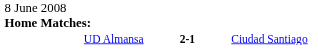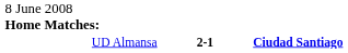 <table width=100% cellspacing=1>
 <tr>
 <th width=20%></th>
 <th width=12%></th>
 <th width=20%></th>
 <th></th>
 </tr>
 <tr>
 <td>8 June 2008<br><strong>Home Matches:</strong></td>
 </tr>
 <tr style=font-size:90%>
 <td align=right><a href='#'>UD Almansa</a></td>
 <td align=center><strong>2-1</strong></td>
-<td><a href='#'>Ciudad Santiago</a></td>
+<td><strong><a href='#'>Ciudad Santiago</a></strong></td>
 </tr>
 </table>
